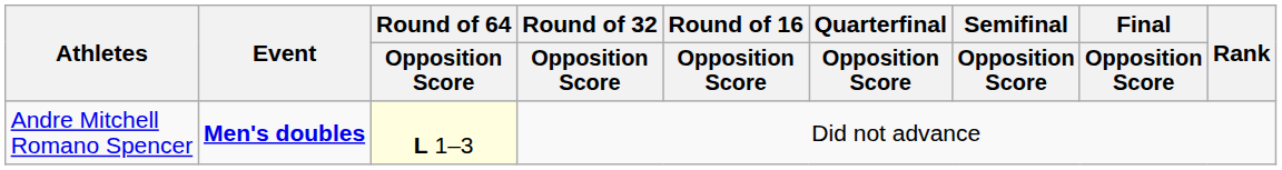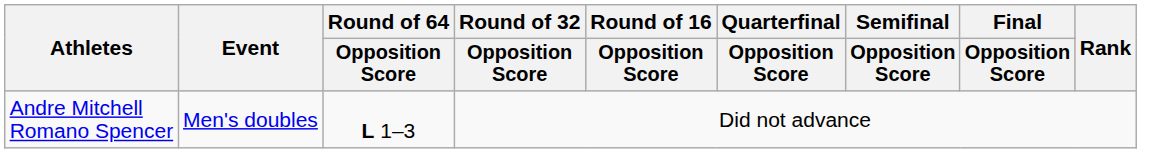 <table class="wikitable" style="font-size:90%">
 <tr>
 <th rowspan=2>Athletes</th>
 <th rowspan=2>Event</th>
 <th>Round of 64</th>
 <th>Round of 32</th>
 <th>Round of 16</th>
 <th>Quarterfinal</th>
 <th>Semifinal</th>
 <th>Final</th>
 <th rowspan=2>Rank</th>
 </tr>
 <tr style="font-size:95%">
 <th>Opposition<br>Score</th>
 <th>Opposition<br>Score</th>
 <th>Opposition<br>Score</th>
 <th>Opposition<br>Score</th>
 <th>Opposition<br>Score</th>
 <th>Opposition<br>Score</th>
 </tr>
 <tr align=center>
 <td align=left><a href='#'>Andre Mitchell</a><br><a href='#'>Romano Spencer</a></td>
-<td align=left><strong><a href='#'>Men's doubles</a></strong></td>
-<td style="background: lightyellow;"><br><strong>L</strong> 1–3</td>
+<td align=left><a href='#'>Men's doubles</a></td>
+<td><br><strong>L</strong> 1–3</td>
 <td colspan=6>Did not advance</td>
 </tr>
 </table>
